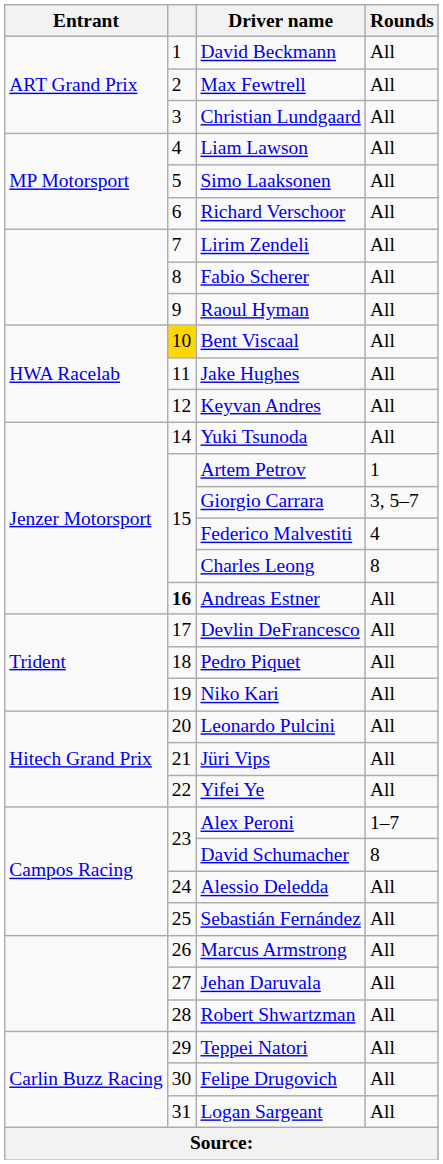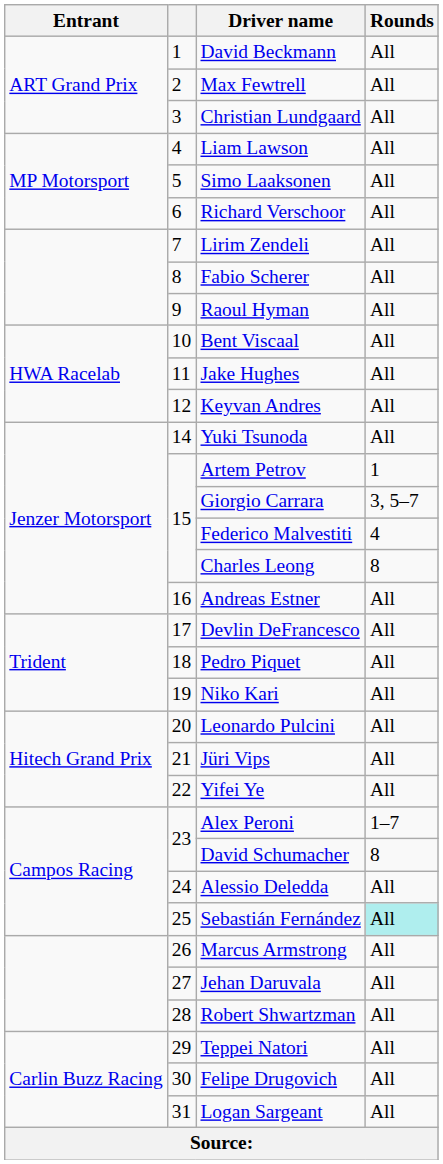 <table class="wikitable" style="font-size: 85%">
 <tr>
 <th>Entrant</th>
 <th></th>
 <th>Driver name</th>
 <th>Rounds</th>
 </tr>
 <tr>
 <td rowspan="3"> <a href='#'>ART Grand Prix</a></td>
 <td id=1>1</td>
 <td> <a href='#'>David Beckmann</a></td>
 <td>All </td>
 </tr>
 <tr>
 <td id=2>2</td>
 <td> <a href='#'>Max Fewtrell</a></td>
 <td>All</td>
 </tr>
 <tr>
 <td id=3>3</td>
 <td> <a href='#'>Christian Lundgaard</a></td>
 <td>All</td>
 </tr>
 <tr>
 <td rowspan="3"> <a href='#'>MP Motorsport</a></td>
 <td id=4>4</td>
 <td> <a href='#'>Liam Lawson</a></td>
 <td>All</td>
 </tr>
 <tr>
 <td id=5>5</td>
 <td> <a href='#'>Simo Laaksonen</a></td>
 <td>All</td>
 </tr>
 <tr>
 <td id=6>6</td>
 <td> <a href='#'>Richard Verschoor</a></td>
 <td>All</td>
 </tr>
 <tr>
 <td rowspan="3"></td>
 <td id=7>7</td>
 <td>  <a href='#'>Lirim Zendeli</a></td>
 <td>All</td>
 </tr>
 <tr>
 <td id=8>8</td>
 <td> <a href='#'>Fabio Scherer</a></td>
 <td>All</td>
 </tr>
 <tr>
 <td id=9>9</td>
 <td> <a href='#'>Raoul Hyman</a></td>
 <td>All</td>
 </tr>
 <tr>
 <td rowspan="3"> <a href='#'>HWA Racelab</a></td>
-<td id=10 style="background: gold;">10</td>
+<td id=10>10</td>
 <td> <a href='#'>Bent Viscaal</a></td>
 <td>All</td>
 </tr>
 <tr>
 <td id=11>11</td>
 <td> <a href='#'>Jake Hughes</a></td>
 <td>All</td>
 </tr>
 <tr>
 <td id=12>12</td>
 <td> <a href='#'>Keyvan Andres</a> </td>
 <td>All</td>
 </tr>
 <tr>
 <td rowspan="6"> <a href='#'>Jenzer Motorsport</a></td>
 <td id=14>14</td>
 <td> <a href='#'>Yuki Tsunoda</a></td>
 <td>All</td>
 </tr>
 <tr>
 <td id=15 rowspan=4>15</td>
 <td> <a href='#'>Artem Petrov</a></td>
 <td>1</td>
 </tr>
 <tr>
 <td> <a href='#'>Giorgio Carrara</a></td>
 <td>3, 5–7</td>
 </tr>
 <tr>
 <td> <a href='#'>Federico Malvestiti</a></td>
 <td>4</td>
 </tr>
 <tr>
 <td> <a href='#'>Charles Leong</a></td>
 <td>8</td>
 </tr>
 <tr>
-<td id=16><strong>16</strong></td>
+<td id=16>16</td>
 <td> <a href='#'>Andreas Estner</a></td>
 <td>All</td>
 </tr>
 <tr>
 <td rowspan="3"> <a href='#'>Trident</a></td>
 <td id=17>17</td>
 <td> <a href='#'>Devlin DeFrancesco</a></td>
 <td>All</td>
 </tr>
 <tr>
 <td id=18>18</td>
 <td> <a href='#'>Pedro Piquet</a></td>
 <td>All</td>
 </tr>
 <tr>
 <td id=19>19</td>
 <td> <a href='#'>Niko Kari</a></td>
 <td>All</td>
 </tr>
 <tr>
 <td rowspan="3"> <a href='#'>Hitech Grand Prix</a></td>
 <td id=20>20</td>
 <td> <a href='#'>Leonardo Pulcini</a></td>
 <td>All</td>
 </tr>
 <tr>
 <td id=21>21</td>
 <td> <a href='#'>Jüri Vips</a></td>
 <td>All</td>
 </tr>
 <tr>
 <td id=22>22</td>
 <td> <a href='#'>Yifei Ye</a></td>
 <td>All</td>
 </tr>
 <tr>
 <td rowspan="4"> <a href='#'>Campos Racing</a></td>
 <td rowspan=2 id=23>23</td>
 <td> <a href='#'>Alex Peroni</a></td>
 <td>1–7</td>
 </tr>
 <tr>
 <td> <a href='#'>David Schumacher</a></td>
 <td>8</td>
 </tr>
 <tr>
 <td id=24>24</td>
 <td> <a href='#'>Alessio Deledda</a></td>
 <td>All</td>
 </tr>
 <tr>
 <td id=25>25</td>
 <td nowrap> <a href='#'>Sebastián Fernández</a> </td>
-<td>All</td>
+<td style="background: paleturquoise;">All</td>
 </tr>
 <tr>
 <td rowspan="3"></td>
 <td id=26>26</td>
 <td> <a href='#'>Marcus Armstrong</a></td>
 <td>All</td>
 </tr>
 <tr>
 <td id=27>27</td>
 <td> <a href='#'>Jehan Daruvala</a></td>
 <td>All</td>
 </tr>
 <tr>
 <td id=28>28</td>
 <td> <a href='#'>Robert Shwartzman</a></td>
 <td>All</td>
 </tr>
 <tr>
 <td rowspan="3"> <a href='#'>Carlin Buzz Racing</a></td>
 <td id=29>29</td>
 <td> <a href='#'>Teppei Natori</a></td>
 <td>All</td>
 </tr>
 <tr>
 <td id=30>30</td>
 <td> <a href='#'>Felipe Drugovich</a></td>
 <td>All</td>
 </tr>
 <tr>
 <td id=31>31</td>
 <td> <a href='#'>Logan Sargeant</a></td>
 <td>All</td>
 </tr>
 <tr>
 <th colspan="4">Source:</th>
 </tr>
 </table>
